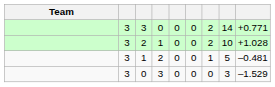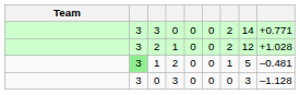 <table class="wikitable" style="text-align:center">
 <tr>
 <th width=180>Team</th>
 <th width=20></th>
 <th width=20></th>
 <th width=20></th>
 <th width=20></th>
 <th width=20></th>
 <th width=20></th>
 <th width=20></th>
 <th width=45></th>
 </tr>
 <tr style="background:#cfc">
 <td align="left"></td>
 <td>3</td>
 <td>3</td>
 <td>0</td>
 <td>0</td>
 <td>0</td>
 <td>2</td>
 <td>14</td>
 <td>+0.771</td>
 </tr>
 <tr style="background:#cfc">
 <td align="left"></td>
 <td>3</td>
 <td>2</td>
 <td>1</td>
 <td>0</td>
 <td>0</td>
 <td>2</td>
-<td>10</td>
+<td>12</td>
 <td>+1.028</td>
 </tr>
 <tr>
 <td align="left"></td>
-<td>3</td>
+<td style="background: lightgreen;">3</td>
 <td>1</td>
 <td>2</td>
 <td>0</td>
 <td>0</td>
 <td>1</td>
 <td>5</td>
 <td>–0.481</td>
 </tr>
 <tr>
 <td align="left"></td>
 <td>3</td>
 <td>0</td>
 <td>3</td>
 <td>0</td>
 <td>0</td>
 <td>0</td>
 <td>3</td>
-<td>–1.529</td>
+<td>–1.128</td>
 </tr>
 </table>
